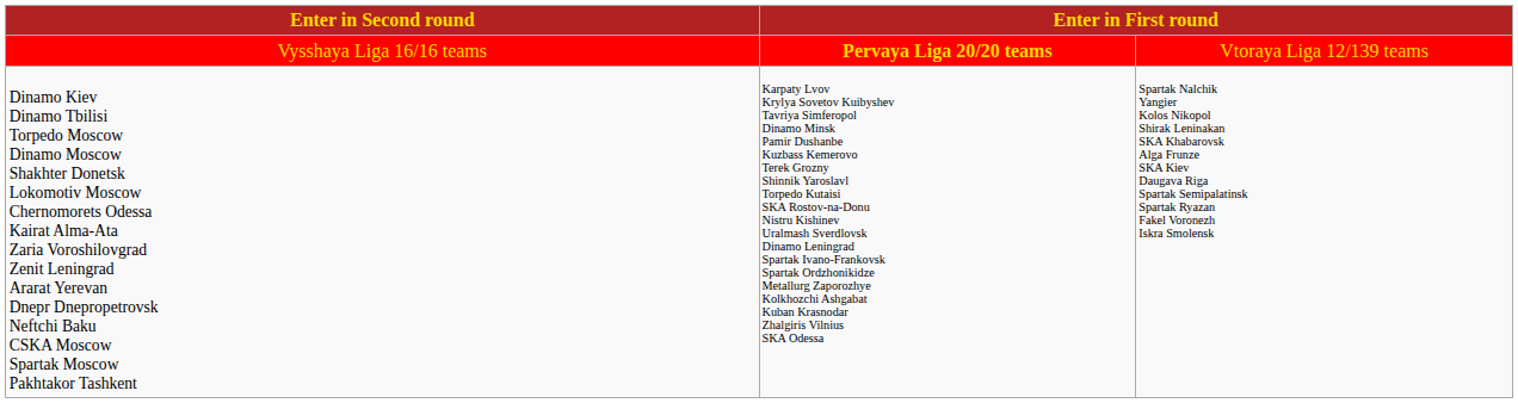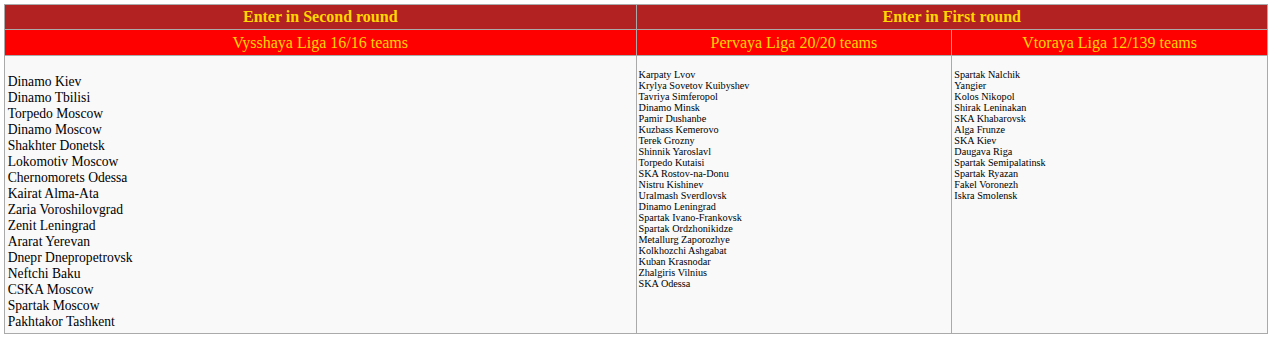 <table class="wikitable" style="width:100%;">
 <tr style="background:Firebrick; text-align:center;">
 <td style="width:50%; color:Gold" colspan="1"><strong>Enter in Second round</strong></td>
 <td style="width:50%; color:Gold" colspan="2"><strong>Enter in First round</strong></td>
 </tr>
 <tr style="background:Red;">
 <td style="text-align:center; width:50%; color:Gold" colspan=1>Vysshaya Liga 16/16 teams</td>
-<td style="text-align:center; width:25%; color:Gold" colspan=1><strong>Pervaya Liga 20/20 teams</strong></td>
+<td style="text-align:center; width:25%; color:Gold" colspan=1>Pervaya Liga 20/20 teams</td>
 <td style="text-align:center; width:25%; color:Gold" colspan=1>Vtoraya Liga 12/139 teams</td>
 </tr>
 <tr style="vertical-align:top; font-size:85%;">
 <td><br> Dinamo Kiev<br>  Dinamo Tbilisi<br>  Torpedo Moscow<br>  Dinamo Moscow<br>  Shakhter Donetsk<br>  Lokomotiv Moscow<br>  Chernomorets Odessa<br>  Kairat Alma-Ata<br>  Zaria Voroshilovgrad<br>  Zenit Leningrad<br>  Ararat Yerevan<br>  Dnepr Dnepropetrovsk<br>  Neftchi Baku<br>  CSKA Moscow<br>  Spartak Moscow<br>  Pakhtakor Tashkent<br></td>
 <td style="font-size:75%;"><br> Karpaty Lvov<br>  Krylya Sovetov Kuibyshev<br>  Tavriya Simferopol<br>  Dinamo Minsk<br>  Pamir Dushanbe<br>  Kuzbass Kemerovo<br>  Terek Grozny<br>  Shinnik Yaroslavl<br>  Torpedo Kutaisi<br>  SKA Rostov-na-Donu<br>  Nistru Kishinev<br>  Uralmash Sverdlovsk<br>  Dinamo Leningrad<br>  Spartak Ivano-Frankovsk<br>  Spartak Ordzhonikidze<br>  Metallurg Zaporozhye<br>  Kolkhozchi Ashgabat<br>  Kuban Krasnodar<br>  Zhalgiris Vilnius<br>  SKA Odessa<br></td>
 <td style="font-size:75%;"><br> Spartak Nalchik<br>  Yangier<br>  Kolos Nikopol<br>  Shirak Leninakan<br>  SKA Khabarovsk<br>  Alga Frunze<br>  SKA Kiev<br>  Daugava Riga<br>  Spartak Semipalatinsk<br>  Spartak Ryazan<br>  Fakel Voronezh<br>  Iskra Smolensk<br></td>
 </tr>
 </table>
